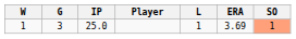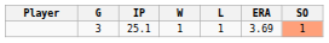 <table class="wikitable sortable">
 <tr>
-<th bgcolor="#DDDDFF" width="9%">W</th>
+<th bgcolor="#DDDDFF" width="16%">Player</th>
 <th bgcolor="#DDDDFF" width="9%">G</th>
 <th bgcolor="#DDDDFF" width="9%">IP</th>
-<th bgcolor="#DDDDFF" width="16%">Player</th>
+<th bgcolor="#DDDDFF" width="9%">W</th>
 <th bgcolor="#DDDDFF" width="9%">L</th>
 <th bgcolor="#DDDDFF" width="9%">ERA</th>
 <th bgcolor="#DDDDFF" width="9%">SO</th>
 </tr>
 <tr align="center">
+<td></td>
+<td>3</td>
+<td>25.1</td>
 <td>1</td>
-<td>3</td>
-<td>25.0</td>
-<td></td>
 <td>1</td>
 <td>3.69</td>
 <td style="background: lightsalmon;">1</td>
 </tr>
 </table>
